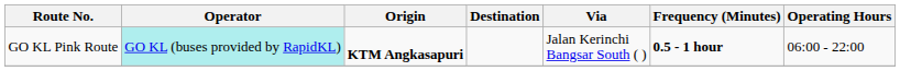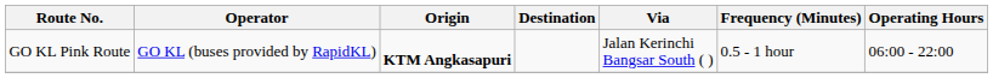 <table class="wikitable">
 <tr>
 <th>Route No.</th>
 <th>Operator</th>
 <th>Origin</th>
 <th>Destination</th>
 <th>Via</th>
 <th>Frequency (Minutes)</th>
 <th>Operating Hours</th>
 </tr>
 <tr>
 <td>GO KL Pink Route</td>
-<td style="background: paleturquoise;"><a href='#'>GO KL</a> (buses provided by <a href='#'>RapidKL</a>)</td>
+<td><a href='#'>GO KL</a> (buses provided by <a href='#'>RapidKL</a>)</td>
 <td><br> <strong>KTM Angkasapuri</strong></td>
 <td> </td>
 <td>Jalan Kerinchi<br><a href='#'>Bangsar South</a> ( )</td>
-<td><strong>0.5 - 1 hour</strong></td>
+<td>0.5 - 1 hour</td>
 <td>06:00 - 22:00</td>
 </tr>
 <tr>
 </tr>
 </table>
